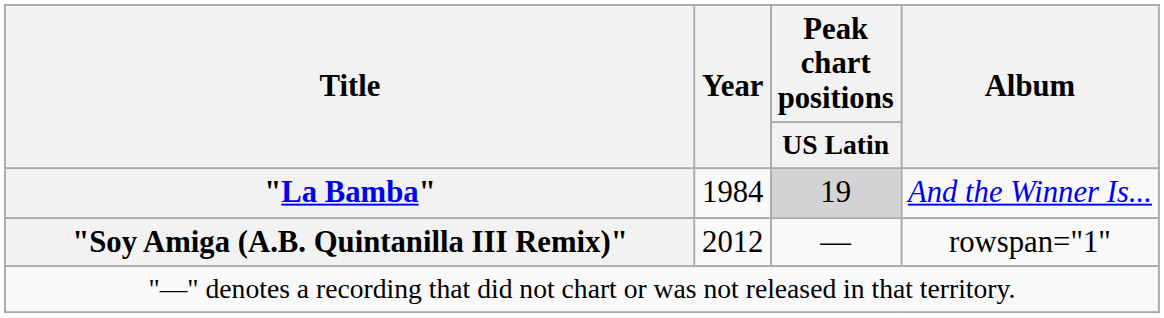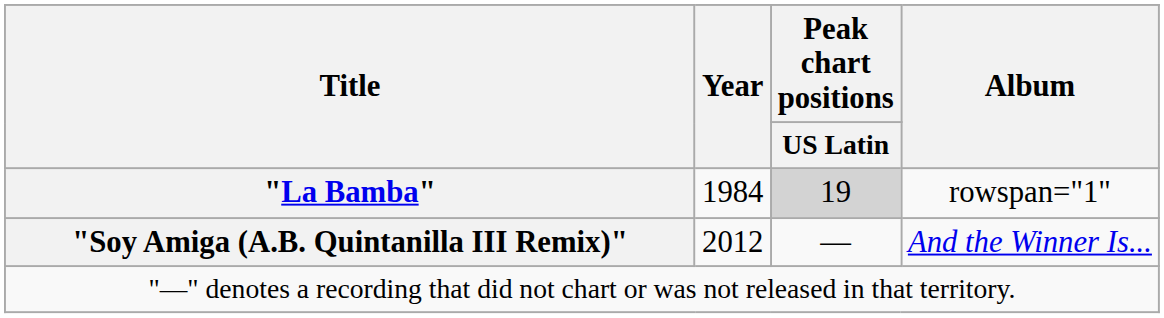 <table class="wikitable plainrowheaders" style="text-align:center;">
 <tr>
 <th scope="col" rowspan="2" style="width:22em;">Title</th>
 <th scope="col" rowspan="2">Year</th>
 <th scope="col" colspan="1">Peak chart positions</th>
 <th scope="col" rowspan="2">Album</th>
 </tr>
 <tr>
 <th scope="col" style="width:3em; font-size:90%;">US Latin<br></th>
 </tr>
 <tr>
 <th scope="row">"<a href='#'>La Bamba</a>"</th>
 <td rowspan="1">1984</td>
 <td style="background: lightgrey;">19</td>
-<td rowspan="1"><em><a href='#'>And the Winner Is...</a></em></td>
+<td>rowspan="1" </td>
 </tr>
 <tr>
 <th scope="row">"Soy Amiga (A.B. Quintanilla III Remix)"</th>
 <td rowspan="1">2012</td>
 <td>—</td>
-<td>rowspan="1" </td>
+<td rowspan="1"><em><a href='#'>And the Winner Is...</a></em></td>
 </tr>
 <tr>
 <td colspan="12" style="font-size:90%">"—" denotes a recording that did not chart or was not released in that territory.</td>
 </tr>
 </table>
